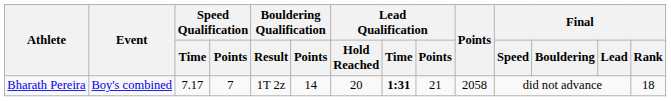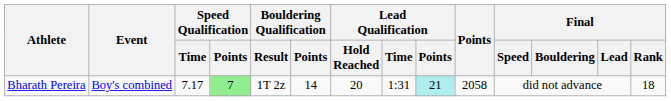 <table class="wikitable" style="text-align:center; font-size:90%">
 <tr>
 <th rowspan="2">Athlete</th>
 <th rowspan="2">Event</th>
 <th colspan="2">Speed<br>Qualification</th>
 <th colspan="2">Bouldering<br>Qualification</th>
 <th colspan="3">Lead<br>Qualification</th>
 <th rowspan="2">Points</th>
 <th colspan="4">Final</th>
 </tr>
 <tr>
 <th>Time</th>
 <th>Points</th>
 <th>Result</th>
 <th>Points</th>
 <th>Hold<br>Reached</th>
 <th>Time</th>
 <th>Points</th>
 <th>Speed</th>
 <th>Bouldering</th>
 <th>Lead</th>
 <th>Rank</th>
 </tr>
 <tr>
 <td><a href='#'>Bharath Pereira</a></td>
 <td><a href='#'>Boy's combined</a></td>
 <td>7.17</td>
-<td>7</td>
+<td style="background: lightgreen;">7</td>
 <td>1T 2z</td>
 <td>14</td>
 <td>20</td>
-<td><strong>1:31</strong></td>
-<td>21</td>
+<td>1:31</td>
+<td style="background: paleturquoise;">21</td>
 <td>2058</td>
 <td colspan=3>did not advance</td>
 <td>18</td>
 </tr>
 </table>
